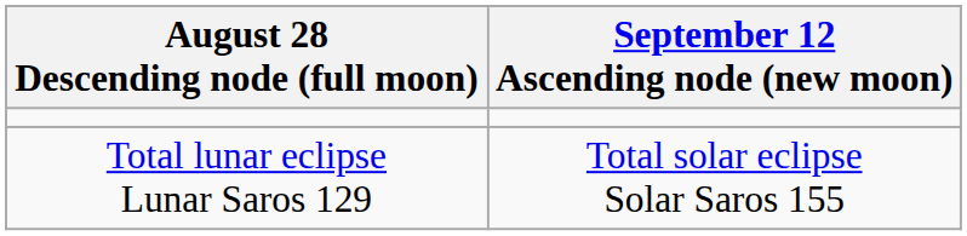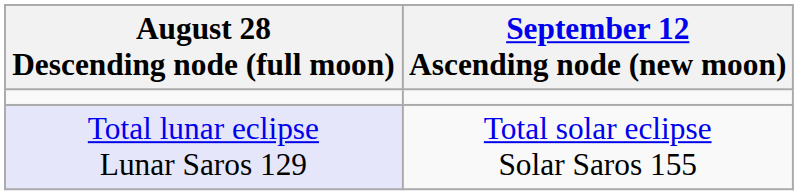 <table class="wikitable">
 <tr>
 <th>August 28<br>Descending node (full moon)<br></th>
 <th><a href='#'>September 12</a><br>Ascending node (new moon)<br></th>
 </tr>
 <tr>
 <td></td>
 <td></td>
 </tr>
 <tr align=center>
-<td><a href='#'>Total lunar eclipse</a><br>Lunar Saros 129</td>
+<td style="background: lavender;"><a href='#'>Total lunar eclipse</a><br>Lunar Saros 129</td>
 <td><a href='#'>Total solar eclipse</a><br>Solar Saros 155</td>
 </tr>
 </table>
